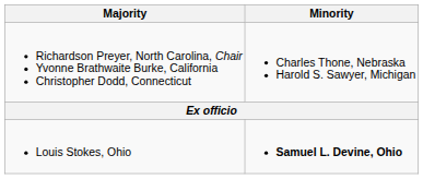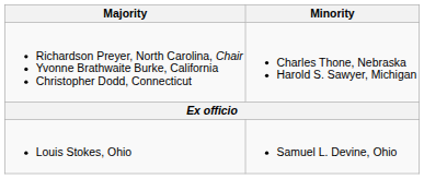 <table class=wikitable>
 <tr>
 <th>Majority</th>
 <th>Minority</th>
 </tr>
 <tr>
 <td><br><ul><li>Richardson Preyer, North Carolina, <em>Chair</em></li><li>Yvonne Brathwaite Burke, California</li><li>Christopher Dodd, Connecticut</li></ul></td>
 <td><br><ul><li>Charles Thone, Nebraska</li><li>Harold S. Sawyer, Michigan</li></ul></td>
 </tr>
 <tr>
 <th colspan=2><em>Ex officio</em></th>
 </tr>
 <tr>
 <td><br><ul><li>Louis Stokes, Ohio</li></ul></td>
-<td><strong><br><ul><li>Samuel L. Devine, Ohio</li></ul></strong></td>
+<td><br><ul><li>Samuel L. Devine, Ohio</li></ul></td>
 </tr>
 </table>
